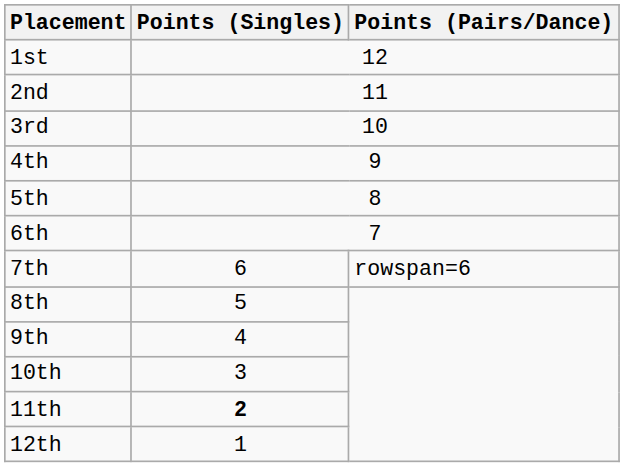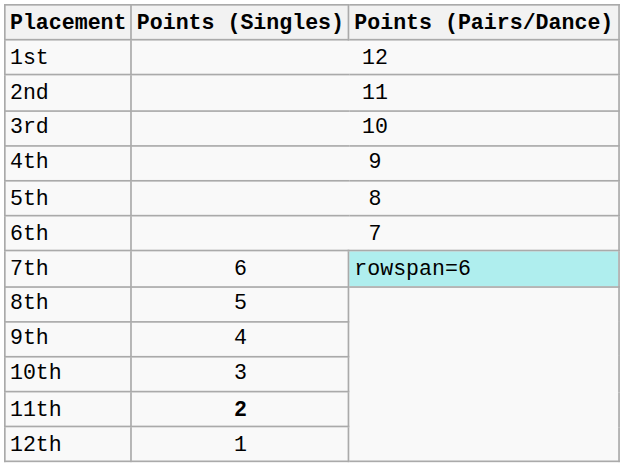 <table class="wikitable">
 <tr>
 <th>Placement</th>
 <th>Points (Singles)</th>
 <th>Points (Pairs/Dance)</th>
 </tr>
 <tr>
 <td>1st</td>
 <td align=center colspan=2>12</td>
 </tr>
 <tr>
 <td>2nd</td>
 <td align=center colspan=2>11</td>
 </tr>
 <tr>
 <td>3rd</td>
 <td align=center colspan=2>10</td>
 </tr>
 <tr>
 <td>4th</td>
 <td align=center colspan=2>9</td>
 </tr>
 <tr>
 <td>5th</td>
 <td align=center colspan=2>8</td>
 </tr>
 <tr>
 <td>6th</td>
 <td align=center colspan=2>7</td>
 </tr>
 <tr>
 <td>7th</td>
 <td align=center>6</td>
-<td>rowspan=6 </td>
+<td style="background: paleturquoise;">rowspan=6 </td>
 </tr>
 <tr>
 <td>8th</td>
 <td align=center>5</td>
 </tr>
 <tr>
 <td>9th</td>
 <td align=center>4</td>
 </tr>
 <tr>
 <td>10th</td>
 <td align=center>3</td>
 </tr>
 <tr>
 <td>11th</td>
 <td align=center><strong>2</strong></td>
 </tr>
 <tr>
 <td>12th</td>
 <td align=center>1</td>
 </tr>
 </table>
